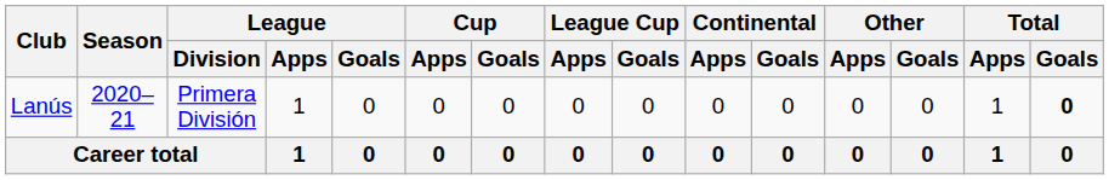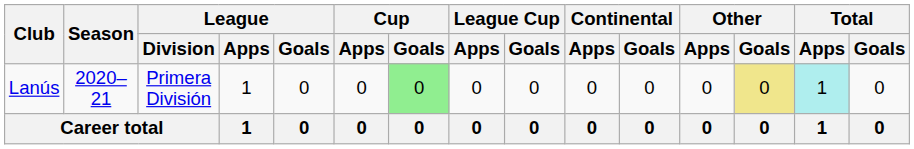 <table class="wikitable" style="text-align:center">
 <tr>
 <th rowspan="2">Club</th>
 <th rowspan="2">Season</th>
 <th colspan="3">League</th>
 <th colspan="2">Cup</th>
 <th colspan="2">League Cup</th>
 <th colspan="2">Continental</th>
 <th colspan="2">Other</th>
 <th colspan="2">Total</th>
 </tr>
 <tr>
 <th>Division</th>
 <th>Apps</th>
 <th>Goals</th>
 <th>Apps</th>
 <th>Goals</th>
 <th>Apps</th>
 <th>Goals</th>
 <th>Apps</th>
 <th>Goals</th>
 <th>Apps</th>
 <th>Goals</th>
 <th>Apps</th>
 <th>Goals</th>
 </tr>
 <tr>
 <td rowspan="1"><a href='#'>Lanús</a></td>
 <td><a href='#'>2020–21</a></td>
 <td rowspan="1"><a href='#'>Primera División</a></td>
 <td>1</td>
 <td>0</td>
 <td>0</td>
+<td style="background: lightgreen;">0</td>
 <td>0</td>
 <td>0</td>
 <td>0</td>
 <td>0</td>
 <td>0</td>
+<td style="background: khaki;">0</td>
+<td style="background: paleturquoise;">1</td>
 <td>0</td>
-<td>0</td>
-<td>1</td>
-<td><strong>0</strong></td>
 </tr>
 <tr>
 <th colspan="3">Career total</th>
 <th>1</th>
 <th>0</th>
 <th>0</th>
 <th>0</th>
 <th>0</th>
 <th>0</th>
 <th>0</th>
 <th>0</th>
 <th>0</th>
 <th>0</th>
 <th>1</th>
 <th>0</th>
 </tr>
 </table>
